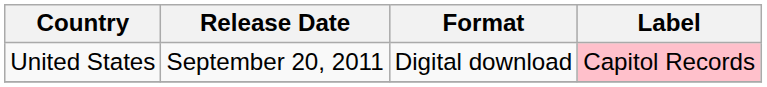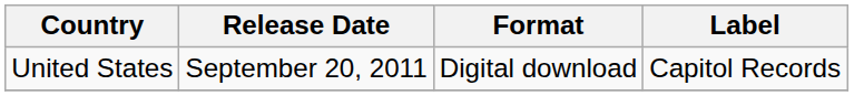 <table class="wikitable" border="1">
 <tr>
 <th>Country</th>
 <th>Release Date</th>
 <th>Format</th>
 <th>Label</th>
 </tr>
 <tr>
 <td>United States</td>
 <td>September 20, 2011</td>
 <td>Digital download</td>
-<td style="background: pink;">Capitol Records</td>
+<td>Capitol Records</td>
 </tr>
 <tr>
 </tr>
 </table>
